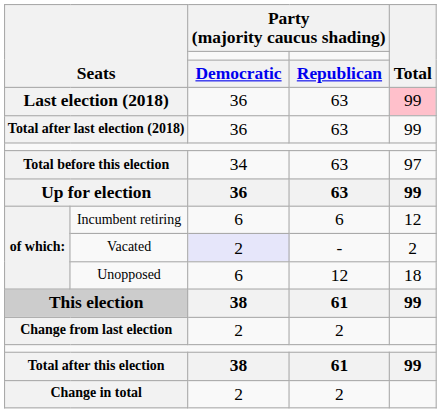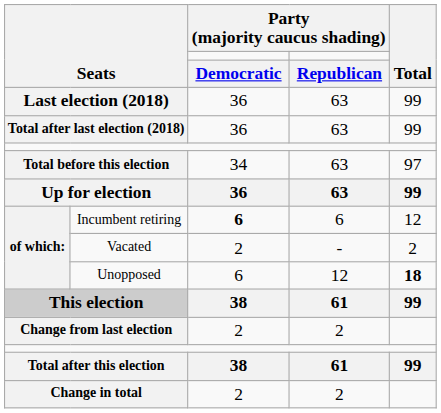 <table class=wikitable style="text-align:center">
 <tr style="vertical-align:bottom;">
 <th rowspan=3 colspan=2>Seats</th>
 <th colspan=2>Party <div>(majority caucus shading)</div></th>
 <th rowspan=3>Total</th>
 </tr>
 <tr style="height:5px">
 <td style="background-color:"></td>
 <td style="background-color:"></td>
 </tr>
 <tr>
 <th><a href='#'>Democratic</a></th>
 <th><a href='#'>Republican</a></th>
 </tr>
 <tr>
 <th nowrap colspan=2>Last election (2018)</th>
 <td>36</td>
 <td>63</td>
-<td style="background: pink;">99</td>
+<td>99</td>
 </tr>
 <tr>
 <th nowrap style="font-size:80%" colspan=2>Total after last election (2018)</th>
 <td>36</td>
 <td>63</td>
 <td>99</td>
 </tr>
 <tr>
 <td colspan=5></td>
 </tr>
 <tr>
 <th nowrap style="font-size:80%" colspan=2>Total before this election</th>
 <td>34</td>
 <td>63</td>
 <td>97</td>
 </tr>
 <tr>
 <th colspan=2>Up for election</th>
 <th>36</th>
 <th>63</th>
 <th>99</th>
 </tr>
 <tr>
 <th style="font-size:80%" rowspan=3>of which:</th>
 <td nowrap style="font-size:80%">Incumbent retiring</td>
-<td>6</td>
+<td><strong>6</strong></td>
 <td>6</td>
 <td>12</td>
 </tr>
 <tr>
 <td nowrap style="font-size:80%">Vacated</td>
-<td style="background: lavender;">2</td>
+<td>2</td>
 <td>-</td>
 <td>2</td>
 </tr>
 <tr>
 <td nowrap style="font-size:80%">Unopposed</td>
 <td>6</td>
 <td>12</td>
-<td>18</td>
+<td><strong>18</strong></td>
 </tr>
 <tr>
 <th style="background:#ccc" colspan=2>This election</th>
 <th>38</th>
 <th>61</th>
 <th>99</th>
 </tr>
 <tr>
 <th nowrap style="font-size:80%"  colspan=2>Change from last election</th>
 <td> 2</td>
 <td> 2</td>
 <td></td>
 </tr>
 <tr>
 <td colspan=5></td>
 </tr>
 <tr>
 <th nowrap style="font-size:80%" colspan=2>Total after this election</th>
 <th>38</th>
 <th>61</th>
 <th>99</th>
 </tr>
 <tr>
 <th nowrap style="font-size:80%"  colspan=2>Change in total</th>
 <td> 2</td>
 <td> 2</td>
 <td></td>
 </tr>
 </table>
